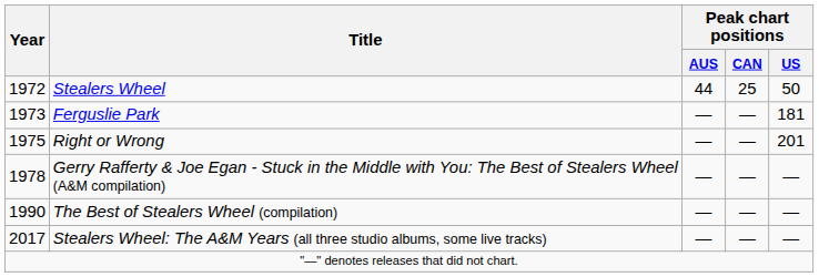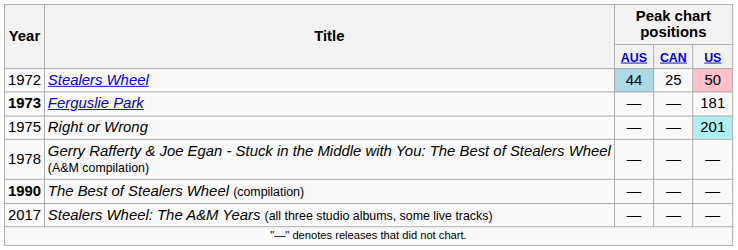 <table class="wikitable">
 <tr>
 <th rowspan="2">Year</th>
 <th rowspan="2">Title</th>
 <th colspan="3">Peak chart positions</th>
 </tr>
 <tr>
 <th style="width:35px;"><small><a href='#'>AUS</a></small><br></th>
 <th style="width:35px;"><small><a href='#'>CAN</a></small><br></th>
 <th style="width:35px;"><small><a href='#'>US</a></small><br></th>
 </tr>
 <tr>
 <td>1972</td>
 <td><em><a href='#'>Stealers Wheel</a></em></td>
-<td align=center>44</td>
+<td align=center style="background: lightblue;">44</td>
 <td align=center>25</td>
-<td align=center>50</td>
+<td align=center style="background: pink;">50</td>
 </tr>
 <tr>
-<td>1973</td>
+<td><strong>1973</strong></td>
 <td><em><a href='#'>Ferguslie Park</a></em></td>
 <td align=center>—</td>
 <td align=center>—</td>
 <td align=center>181</td>
 </tr>
 <tr>
 <td>1975</td>
 <td><em>Right or Wrong</em></td>
 <td align=center>—</td>
 <td align=center>—</td>
-<td align=center>201</td>
+<td align=center style="background: paleturquoise;">201</td>
 </tr>
 <tr>
 <td>1978</td>
 <td><em>Gerry Rafferty & Joe Egan - Stuck in the Middle with You: The Best of Stealers Wheel</em> <br><small>(A&M compilation)</small></td>
 <td align=center>—</td>
 <td align=center>—</td>
 <td align=center>—</td>
 </tr>
 <tr>
-<td>1990</td>
+<td><strong>1990</strong></td>
 <td><em>The Best of Stealers Wheel</em> <small>(compilation)</small></td>
 <td align=center>—</td>
 <td align=center>—</td>
 <td align=center>—</td>
 </tr>
 <tr>
 <td>2017</td>
 <td><em>Stealers Wheel: The A&M Years</em> <small>(all three studio albums, some live tracks)</small></td>
 <td align=center>—</td>
 <td align=center>—</td>
 <td align=center>—</td>
 </tr>
 <tr>
 <td colspan="7" style="text-align:center; font-size:9pt;">"—" denotes releases that did not chart.</td>
 </tr>
 </table>
